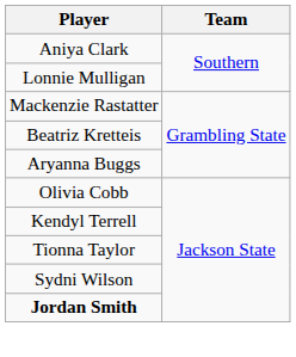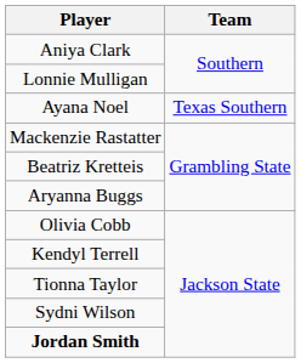 <table class="wikitable" style="text-align: center;">
 <tr>
 <th>Player</th>
 <th>Team</th>
 </tr>
 <tr>
 <td>Aniya Clark</td>
 <td rowspan=2><a href='#'>Southern</a></td>
 </tr>
 <tr>
 <td>Lonnie Mulligan</td>
+</tr>
+<tr>
+<td>Ayana Noel</td>
+<td><a href='#'>Texas Southern</a></td>
 </tr>
 <tr>
 <td>Mackenzie Rastatter</td>
 <td rowspan=3><a href='#'>Grambling State</a></td>
 </tr>
 <tr>
 <td>Beatriz Kretteis</td>
 </tr>
 <tr>
 <td>Aryanna Buggs</td>
 </tr>
 <tr>
 <td>Olivia Cobb</td>
 <td rowspan=5><a href='#'>Jackson State</a></td>
 </tr>
 <tr>
 <td>Kendyl Terrell</td>
 </tr>
 <tr>
 <td>Tionna Taylor</td>
 </tr>
 <tr>
 <td>Sydni Wilson</td>
 </tr>
 <tr>
 <td><strong>Jordan Smith</strong></td>
 </tr>
 </table>
